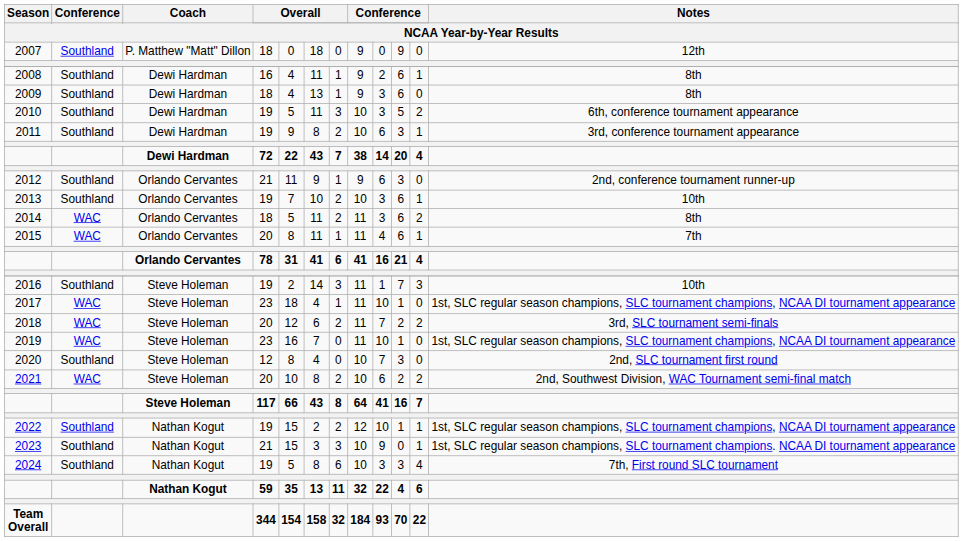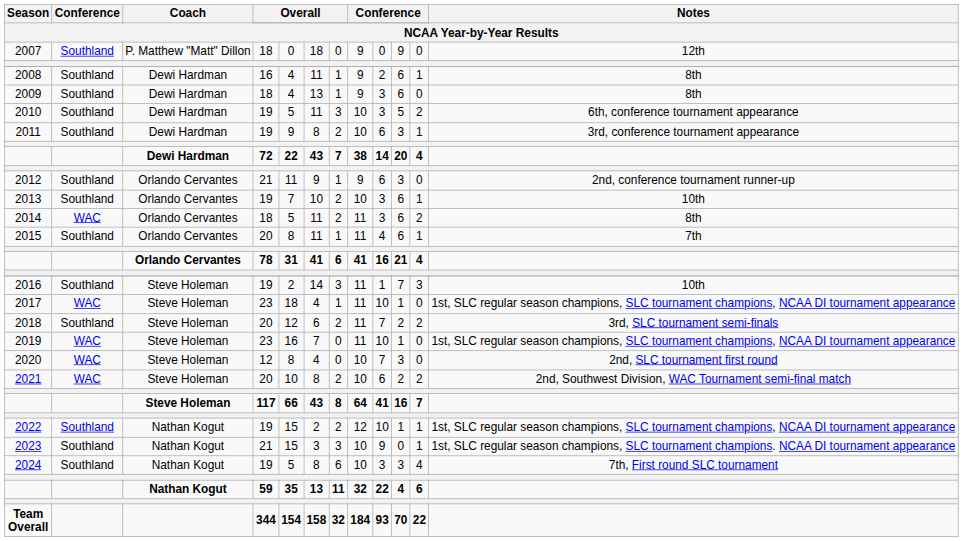 <table class="wikitable" style="text-align: center;">
 <tr>
 <th rowspan=2>Season</th>
 <th rowspan=2>Conference</th>
 <th rowspan=2>Coach</th>
 <th colspan="4">Overall</th>
 <th colspan="4">Conference</th>
 <th rowspan=2>Notes</th>
 </tr>
 <tr>
 </tr>
 <tr>
 <th colspan=12>NCAA Year-by-Year Results</th>
 </tr>
 <tr>
 <td>2007</td>
 <td><a href='#'>Southland</a></td>
 <td>P. Matthew "Matt" Dillon</td>
 <td>18</td>
 <td>0</td>
 <td>18</td>
 <td>0</td>
 <td>9</td>
 <td>0</td>
 <td>9</td>
 <td>0</td>
 <td>12th</td>
 </tr>
 <tr>
 <th colspan=12></th>
 </tr>
 <tr>
 </tr>
 <tr>
 <td>2008</td>
 <td>Southland</td>
 <td>Dewi Hardman</td>
 <td>16</td>
 <td>4</td>
 <td>11</td>
 <td>1</td>
 <td>9</td>
 <td>2</td>
 <td>6</td>
 <td>1</td>
 <td>8th</td>
 </tr>
 <tr>
 <td>2009</td>
 <td>Southland</td>
 <td>Dewi Hardman</td>
 <td>18</td>
 <td>4</td>
 <td>13</td>
 <td>1</td>
 <td>9</td>
 <td>3</td>
 <td>6</td>
 <td>0</td>
 <td>8th</td>
 </tr>
 <tr>
 <td>2010</td>
 <td>Southland</td>
 <td>Dewi Hardman</td>
 <td>19</td>
 <td>5</td>
 <td>11</td>
 <td>3</td>
 <td>10</td>
 <td>3</td>
 <td>5</td>
 <td>2</td>
 <td>6th, conference tournament appearance</td>
 </tr>
 <tr>
 <td>2011</td>
 <td>Southland</td>
 <td>Dewi Hardman</td>
 <td>19</td>
 <td>9</td>
 <td>8</td>
 <td>2</td>
 <td>10</td>
 <td>6</td>
 <td>3</td>
 <td>1</td>
 <td>3rd, conference tournament appearance</td>
 </tr>
 <tr>
 <th colspan=12></th>
 </tr>
 <tr>
 <td></td>
 <td></td>
 <td><strong>Dewi Hardman</strong></td>
 <td><strong>72</strong></td>
 <td><strong>22</strong></td>
 <td><strong>43</strong></td>
 <td><strong>7</strong></td>
 <td><strong>38</strong></td>
 <td><strong>14</strong></td>
 <td><strong>20</strong></td>
 <td><strong>4</strong></td>
 <td></td>
 </tr>
 <tr>
 <th colspan=12></th>
 </tr>
 <tr>
 <td>2012</td>
 <td>Southland</td>
 <td>Orlando Cervantes</td>
 <td>21</td>
 <td>11</td>
 <td>9</td>
 <td>1</td>
 <td>9</td>
 <td>6</td>
 <td>3</td>
 <td>0</td>
 <td>2nd, conference tournament runner-up</td>
 </tr>
 <tr>
 <td>2013</td>
 <td>Southland</td>
 <td>Orlando Cervantes</td>
 <td>19</td>
 <td>7</td>
 <td>10</td>
 <td>2</td>
 <td>10</td>
 <td>3</td>
 <td>6</td>
 <td>1</td>
 <td>10th</td>
 </tr>
 <tr>
 <td>2014</td>
 <td><a href='#'>WAC</a></td>
 <td>Orlando Cervantes</td>
 <td>18</td>
 <td>5</td>
 <td>11</td>
 <td>2</td>
 <td>11</td>
 <td>3</td>
 <td>6</td>
 <td>2</td>
 <td>8th</td>
 </tr>
 <tr>
 <td>2015</td>
-<td><a href='#'>WAC</a></td>
+<td>Southland</td>
 <td>Orlando Cervantes</td>
 <td>20</td>
 <td>8</td>
 <td>11</td>
 <td>1</td>
 <td>11</td>
 <td>4</td>
 <td>6</td>
 <td>1</td>
 <td>7th</td>
 </tr>
 <tr>
 <th colspan=12></th>
 </tr>
 <tr>
 <td></td>
 <td></td>
 <td><strong>Orlando Cervantes</strong></td>
 <td><strong>78</strong></td>
 <td><strong>31</strong></td>
 <td><strong>41</strong></td>
 <td><strong>6</strong></td>
 <td><strong>41</strong></td>
 <td><strong>16</strong></td>
 <td><strong>21</strong></td>
 <td><strong>4</strong></td>
 <td></td>
 </tr>
 <tr>
 <th colspan=12></th>
 </tr>
 <tr>
 </tr>
 <tr>
 <td>2016</td>
 <td>Southland</td>
 <td>Steve Holeman</td>
 <td>19</td>
 <td>2</td>
 <td>14</td>
 <td>3</td>
 <td>11</td>
 <td>1</td>
 <td>7</td>
 <td>3</td>
 <td>10th</td>
 </tr>
 <tr>
 <td>2017</td>
 <td><a href='#'>WAC</a></td>
 <td>Steve Holeman</td>
 <td>23</td>
 <td>18</td>
 <td>4</td>
 <td>1</td>
 <td>11</td>
 <td>10</td>
 <td>1</td>
 <td>0</td>
 <td>1st, SLC regular season champions, <a href='#'>SLC tournament champions</a>, <a href='#'>NCAA DI tournament appearance</a></td>
 </tr>
 <tr>
 <td>2018</td>
-<td><a href='#'>WAC</a></td>
+<td>Southland</td>
 <td>Steve Holeman</td>
 <td>20</td>
 <td>12</td>
 <td>6</td>
 <td>2</td>
 <td>11</td>
 <td>7</td>
 <td>2</td>
 <td>2</td>
 <td>3rd, <a href='#'>SLC tournament semi-finals</a></td>
 </tr>
 <tr>
 <td>2019</td>
 <td><a href='#'>WAC</a></td>
 <td>Steve Holeman</td>
 <td>23</td>
 <td>16</td>
 <td>7</td>
 <td>0</td>
 <td>11</td>
 <td>10</td>
 <td>1</td>
 <td>0</td>
 <td>1st, SLC regular season champions, <a href='#'>SLC tournament champions</a>, <a href='#'>NCAA DI tournament appearance</a></td>
 </tr>
 <tr>
 <td>2020</td>
-<td>Southland</td>
+<td><a href='#'>WAC</a></td>
 <td>Steve Holeman</td>
 <td>12</td>
 <td>8</td>
 <td>4</td>
 <td>0</td>
 <td>10</td>
 <td>7</td>
 <td>3</td>
 <td>0</td>
 <td>2nd, <a href='#'>SLC tournament first round</a></td>
 </tr>
 <tr>
 <td><a href='#'>2021</a></td>
 <td><a href='#'>WAC</a></td>
 <td>Steve Holeman</td>
 <td>20</td>
 <td>10</td>
 <td>8</td>
 <td>2</td>
 <td>10</td>
 <td>6</td>
 <td>2</td>
 <td>2</td>
 <td>2nd, Southwest Division, <a href='#'>WAC Tournament semi-final match</a></td>
 </tr>
 <tr>
 <th colspan=12></th>
 </tr>
 <tr>
 <td></td>
 <td></td>
 <td><strong>Steve Holeman</strong></td>
 <td><strong>117</strong></td>
 <td><strong>66</strong></td>
 <td><strong>43</strong></td>
 <td><strong>8</strong></td>
 <td><strong>64</strong></td>
 <td><strong>41</strong></td>
 <td><strong>16</strong></td>
 <td><strong>7</strong> </td>
 </tr>
 <tr>
 <th colspan=12></th>
 </tr>
 <tr>
 <td><a href='#'>2022</a></td>
 <td><a href='#'>Southland</a></td>
 <td>Nathan Kogut</td>
 <td>19</td>
 <td>15</td>
 <td>2</td>
 <td>2</td>
 <td>12</td>
 <td>10</td>
 <td>1</td>
 <td>1</td>
 <td>1st, SLC regular season champions, <a href='#'>SLC tournament champions</a>, <a href='#'>NCAA DI tournament appearance</a></td>
 </tr>
 <tr>
 <td><a href='#'>2023</a></td>
 <td>Southland</td>
 <td>Nathan Kogut</td>
 <td>21</td>
 <td>15</td>
 <td>3</td>
 <td>3</td>
 <td>10</td>
 <td>9</td>
 <td>0</td>
 <td>1</td>
 <td>1st, SLC regular season champions, <a href='#'>SLC tournament champions</a>. <a href='#'>NCAA DI tournament appearance</a></td>
 </tr>
 <tr>
 <td><a href='#'>2024</a></td>
 <td>Southland</td>
 <td>Nathan Kogut</td>
 <td>19</td>
 <td>5</td>
 <td>8</td>
 <td>6</td>
 <td>10</td>
 <td>3</td>
 <td>3</td>
 <td>4</td>
 <td>7th, <a href='#'>First round SLC tournament</a></td>
 </tr>
 <tr>
 <th colspan=12></th>
 </tr>
 <tr>
 <td></td>
 <td></td>
 <td><strong>Nathan Kogut</strong></td>
 <td><strong>59 </strong></td>
 <td><strong>35 </strong></td>
 <td><strong>13</strong></td>
 <td><strong>11</strong></td>
 <td><strong>32 </strong></td>
 <td><strong>22</strong></td>
 <td><strong>4</strong></td>
 <td><strong>6</strong></td>
 </tr>
 <tr>
 <th colspan=12></th>
 </tr>
 <tr>
 <td><strong>Team<br>Overall</strong></td>
 <td></td>
 <td></td>
 <td><strong>344</strong></td>
 <td><strong>154</strong> </td>
 <td><strong>158</strong> </td>
 <td><strong>32</strong>  </td>
 <td><strong>184</strong></td>
 <td><strong>93</strong></td>
 <td><strong>70</strong></td>
 <td><strong>22</strong></td>
 <td></td>
 </tr>
 </table>
